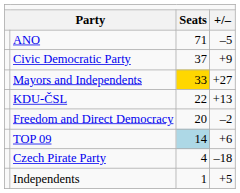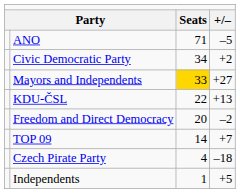 <table class="wikitable sortable" style="text-align:right">
 <tr>
 <td colspan=7></td>
 </tr>
 <tr>
 <th colspan=2>Party</th>
 <th>Seats</th>
 <th>+/–</th>
 </tr>
 <tr>
 <td></td>
 <td align=left><a href='#'>ANO</a></td>
 <td>71</td>
 <td>–5</td>
 </tr>
 <tr>
 <td></td>
 <td align=left><a href='#'>Civic Democratic Party</a></td>
-<td>37</td>
-<td>+9</td>
+<td>34</td>
+<td>+2</td>
 </tr>
 <tr>
 <td></td>
 <td align=left><a href='#'>Mayors and Independents</a></td>
 <td style="background: gold;">33</td>
 <td>+27</td>
 </tr>
 <tr>
 <td></td>
 <td align=left><a href='#'>KDU-ČSL</a></td>
 <td>22</td>
 <td>+13</td>
 </tr>
 <tr>
 <td></td>
 <td align=left><a href='#'>Freedom and Direct Democracy</a></td>
 <td>20</td>
 <td>–2</td>
 </tr>
 <tr>
 <td></td>
 <td align=left><a href='#'>TOP 09</a></td>
-<td style="background: lightblue;">14</td>
-<td>+6</td>
+<td>14</td>
+<td>+7</td>
 </tr>
 <tr>
 <td></td>
 <td align=left><a href='#'>Czech Pirate Party</a></td>
 <td>4</td>
 <td>–18</td>
 </tr>
 <tr>
 <td bgcolor=></td>
 <td align=left>Independents</td>
 <td>1</td>
 <td>+5</td>
 </tr>
 </table>
